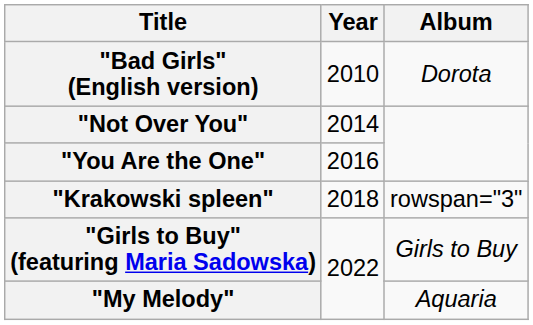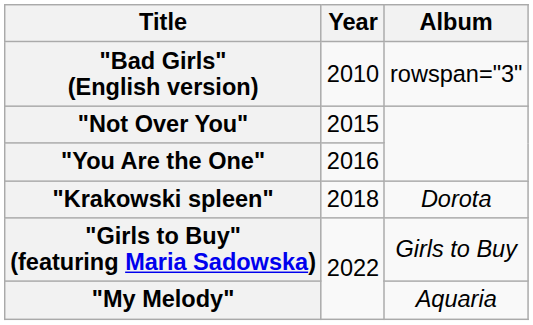 <table class="wikitable plainrowheaders" style="text-align:center;">
 <tr>
 <th scope="col">Title</th>
 <th scope="col">Year</th>
 <th scope="col">Album</th>
 </tr>
 <tr>
 <th scope="row">"Bad Girls"<br><span>(English version)</span></th>
 <td>2010</td>
-<td><em>Dorota</em></td>
+<td>rowspan="3" </td>
 </tr>
 <tr>
 <th scope="row">"Not Over You"</th>
-<td>2014</td>
+<td>2015</td>
 </tr>
 <tr>
 <th scope="row">"You Are the One"</th>
 <td>2016</td>
 </tr>
 <tr>
 <th scope="row">"Krakowski spleen"</th>
 <td>2018</td>
-<td>rowspan="3" </td>
+<td><em>Dorota</em></td>
 </tr>
 <tr>
 <th scope="row">"Girls to Buy"<br><span>(featuring <a href='#'>Maria Sadowska</a>)</span></th>
 <td rowspan="2">2022</td>
 <td><em>Girls to Buy</em></td>
 </tr>
 <tr>
 <th scope="row">"My Melody"</th>
 <td><em>Aquaria</em></td>
 </tr>
 </table>
